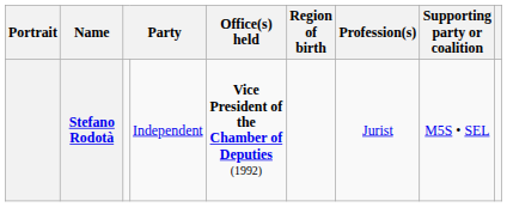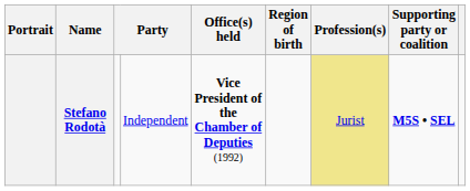 <table class="wikitable" style="text-align:center; style=" width="90%">
 <tr>
 <th width="5%">Portrait</th>
 <th width="15%">Name</th>
 <th colspan="2" width=10%>Party</th>
 <th width="20%">Office(s) held</th>
 <th width="10%">Region of birth</th>
 <th width="10%">Profession(s)</th>
 <th width="10%">Supporting party or coalition</th>
 <th width="1%"></th>
 </tr>
 <tr style="height:10em;"|>
 <th></th>
 <th style="font-weight:normal"><strong><a href='#'>Stefano Rodotà</a></strong><br></th>
 <td style="background-color:"></td>
 <td><a href='#'>Independent</a></td>
 <td><strong>Vice President of the <a href='#'>Chamber of Deputies</a></strong><br><small>(1992)</small><br></td>
 <td></td>
-<td><a href='#'>Jurist</a></td>
-<td><a href='#'>M5S</a> • <a href='#'>SEL</a></td>
+<td style="background: khaki;"><a href='#'>Jurist</a></td>
+<td><strong><a href='#'>M5S</a> • <a href='#'>SEL</a></strong></td>
 <td></td>
 </tr>
 </table>
